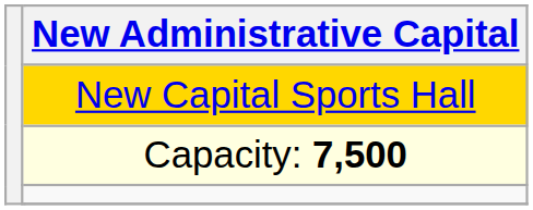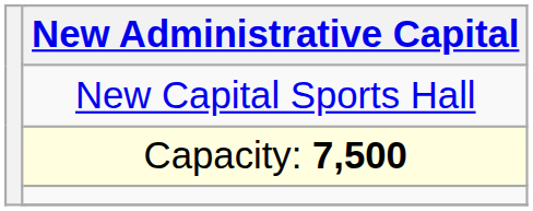 <table class="wikitable" style="text-align:center">
 <tr>
 <th rowspan="8" colspan="2"></th>
 <th><a href='#'>New Administrative Capital</a></th>
 </tr>
 <tr>
-<td style="background: gold;"><a href='#'>New Capital Sports Hall</a></td>
+<td><a href='#'>New Capital Sports Hall</a></td>
 </tr>
 <tr>
 <td style="background: lightyellow;">Capacity: <strong>7,500</strong></td>
 </tr>
 <tr>
 <td></td>
 </tr>
 <tr>
 </tr>
 </table>
